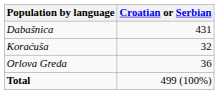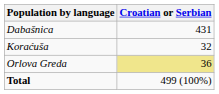 <table class="wikitable sortable">
 <tr>
 <th>Population by language</th>
 <th><a href='#'>Croatian</a> or <a href='#'>Serbian</a></th>
 </tr>
 <tr>
 <td><em>Dabašnica</em></td>
 <td align="right">431</td>
 </tr>
 <tr>
 <td><em>Koraćuša</em></td>
 <td align="right">32</td>
 </tr>
 <tr>
 <td><em>Orlova Greda</em></td>
-<td align="right">36</td>
+<td align="right" style="background: khaki;">36</td>
 </tr>
 <tr>
 <td><strong>Total</strong></td>
 <td align="right">499 (100%)</td>
 </tr>
 </table>
